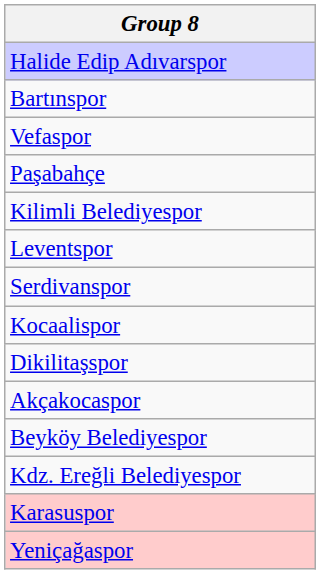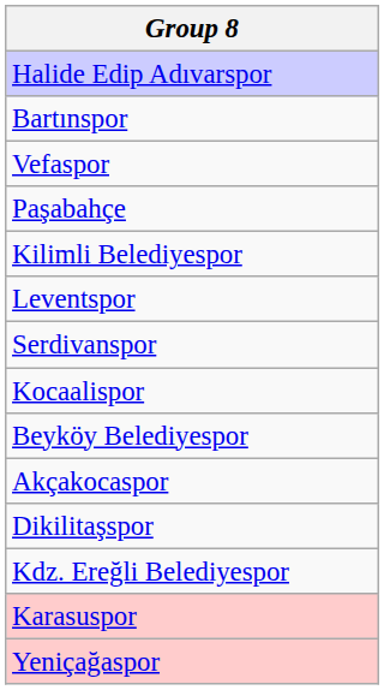 <table class="wikitable collapsible collapsed" style="font-size:95%;">
 <tr>
 <th colspan="1" width="200"><em>Group 8</em></th>
 </tr>
 <tr>
 <td style="background:#ccccff;"><a href='#'>Halide Edip Adıvarspor</a></td>
 </tr>
 <tr>
 <td><a href='#'>Bartınspor</a></td>
 </tr>
 <tr>
 <td><a href='#'>Vefaspor</a></td>
 </tr>
 <tr>
 <td><a href='#'>Paşabahçe</a></td>
 </tr>
 <tr>
 <td><a href='#'>Kilimli Belediyespor</a></td>
 </tr>
 <tr>
 <td><a href='#'>Leventspor</a></td>
 </tr>
 <tr>
 <td><a href='#'>Serdivanspor</a></td>
 </tr>
 <tr>
 <td><a href='#'>Kocaalispor</a></td>
 </tr>
 <tr>
-<td><a href='#'>Dikilitaşspor</a></td>
+<td><a href='#'>Beyköy Belediyespor</a></td>
 </tr>
 <tr>
 <td><a href='#'>Akçakocaspor</a></td>
 </tr>
 <tr>
-<td><a href='#'>Beyköy Belediyespor</a></td>
+<td><a href='#'>Dikilitaşspor</a></td>
 </tr>
 <tr>
 <td><a href='#'>Kdz. Ereğli Belediyespor</a></td>
 </tr>
 <tr>
 <td style="background:#fcc;"><a href='#'>Karasuspor</a></td>
 </tr>
 <tr>
 <td style="background:#fcc;"><a href='#'>Yeniçağaspor</a></td>
 </tr>
 </table>
